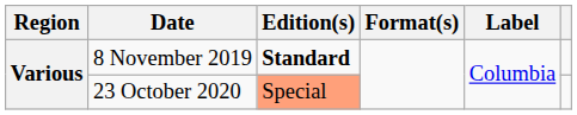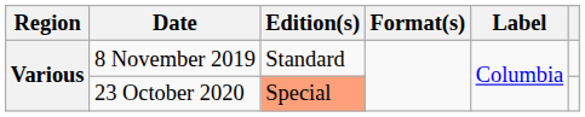 <table class="wikitable plainrowheaders">
 <tr>
 <th scope="col">Region</th>
 <th scope="col">Date</th>
 <th scope="col">Edition(s)</th>
 <th scope="col">Format(s)</th>
 <th scope="col">Label</th>
 <th scope="col"></th>
 </tr>
 <tr>
 <th rowspan="2" scope="row">Various</th>
 <td>8 November 2019</td>
-<td><strong>Standard</strong></td>
+<td>Standard</td>
 <td rowspan="2"></td>
 <td rowspan="2"><a href='#'>Columbia</a></td>
 <td></td>
 </tr>
 <tr>
 <td>23 October 2020</td>
 <td style="background: lightsalmon;">Special</td>
 <td></td>
 </tr>
 </table>
